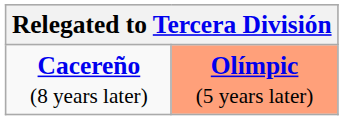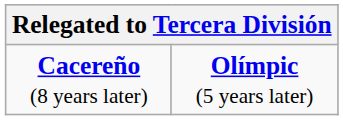 <table class="wikitable" style="text-align: center; margin: 0 auto;">
 <tr>
 <th colspan="2">Relegated to <a href='#'>Tercera División</a></th>
 </tr>
 <tr>
 <td><strong><a href='#'>Cacereño</a></strong><br><small>(8 years later)</small></td>
-<td style="background: lightsalmon;"><strong><a href='#'>Olímpic</a></strong><br><small>(5 years later)</small></td>
+<td><strong><a href='#'>Olímpic</a></strong><br><small>(5 years later)</small></td>
 </tr>
 </table>
